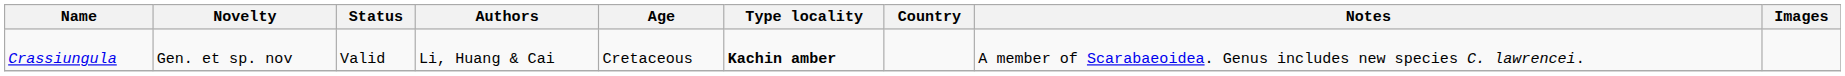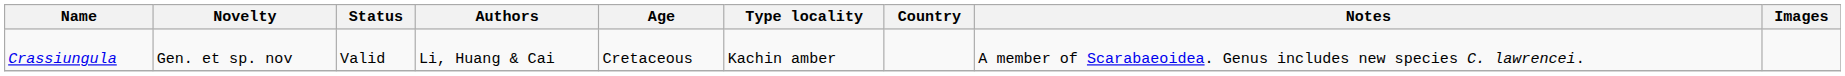 <table class="wikitable sortable" align="center" width="100%">
 <tr>
 <th>Name</th>
 <th>Novelty</th>
 <th>Status</th>
 <th>Authors</th>
 <th>Age</th>
 <th>Type locality</th>
 <th>Country</th>
 <th>Notes</th>
 <th>Images</th>
 </tr>
 <tr>
 <td><br><em><a href='#'>Crassiungula</a></em></td>
 <td><br>Gen. et sp. nov</td>
 <td><br>Valid</td>
 <td><br>Li, Huang & Cai</td>
 <td><br>Cretaceous</td>
-<td><strong><br>Kachin amber</strong></td>
+<td><br>Kachin amber</td>
 <td><br></td>
 <td><br>A member of <a href='#'>Scarabaeoidea</a>. Genus includes new species <em>C. lawrencei</em>.</td>
 <td></td>
 </tr>
 <tr>
 </tr>
 </table>
